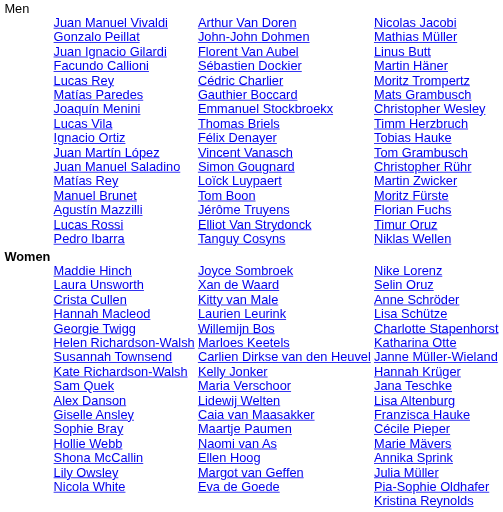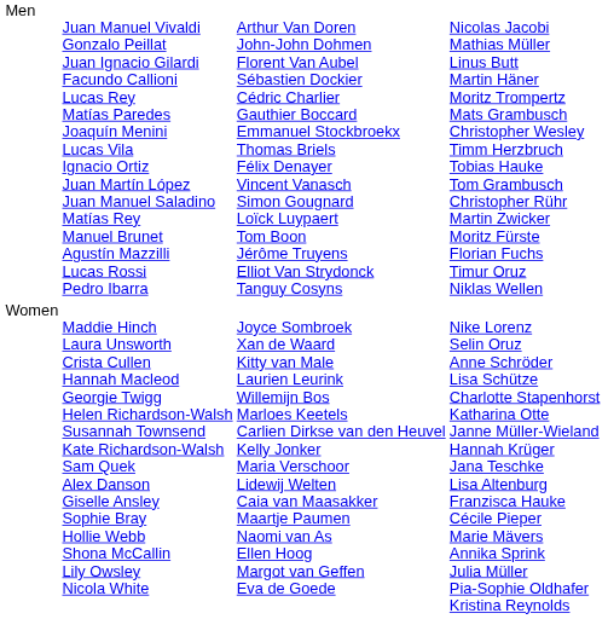 <table>
 <tr valign="top">
 <td>Men<br></td>
 <td><br><a href='#'>Juan Manuel Vivaldi</a><br><a href='#'>Gonzalo Peillat</a><br><a href='#'>Juan Ignacio Gilardi</a><br><a href='#'>Facundo Callioni</a><br><a href='#'>Lucas Rey</a><br><a href='#'>Matías Paredes</a><br><a href='#'>Joaquín Menini</a><br><a href='#'>Lucas Vila</a><br><a href='#'>Ignacio Ortiz</a><br><a href='#'>Juan Martín López</a><br><a href='#'>Juan Manuel Saladino</a><br><a href='#'>Matías Rey</a><br><a href='#'>Manuel Brunet</a><br><a href='#'>Agustín Mazzilli</a><br><a href='#'>Lucas Rossi</a><br><a href='#'>Pedro Ibarra</a></td>
 <td><br><a href='#'>Arthur Van Doren</a><br><a href='#'>John-John Dohmen</a><br><a href='#'>Florent Van Aubel</a><br><a href='#'>Sébastien Dockier</a><br><a href='#'>Cédric Charlier</a><br><a href='#'>Gauthier Boccard</a><br><a href='#'>Emmanuel Stockbroekx</a><br><a href='#'>Thomas Briels</a><br><a href='#'>Félix Denayer</a><br><a href='#'>Vincent Vanasch</a><br><a href='#'>Simon Gougnard</a><br><a href='#'>Loïck Luypaert</a><br><a href='#'>Tom Boon</a><br><a href='#'>Jérôme Truyens</a><br><a href='#'>Elliot Van Strydonck</a><br><a href='#'>Tanguy Cosyns</a></td>
 <td><br><a href='#'>Nicolas Jacobi</a><br><a href='#'>Mathias Müller</a><br><a href='#'>Linus Butt</a><br><a href='#'>Martin Häner</a><br><a href='#'>Moritz Trompertz</a><br><a href='#'>Mats Grambusch</a><br><a href='#'>Christopher Wesley</a><br><a href='#'>Timm Herzbruch</a><br><a href='#'>Tobias Hauke</a><br><a href='#'>Tom Grambusch</a><br><a href='#'>Christopher Rühr</a><br><a href='#'>Martin Zwicker</a><br><a href='#'>Moritz Fürste</a><br><a href='#'>Florian Fuchs</a><br><a href='#'>Timur Oruz</a><br><a href='#'>Niklas Wellen</a></td>
 </tr>
 <tr valign="top">
-<td><strong>Women<br></strong></td>
+<td>Women<br></td>
 <td><br><a href='#'>Maddie Hinch</a><br><a href='#'>Laura Unsworth</a><br><a href='#'>Crista Cullen</a><br><a href='#'>Hannah Macleod</a><br><a href='#'>Georgie Twigg</a><br><a href='#'>Helen Richardson-Walsh</a><br><a href='#'>Susannah Townsend</a><br><a href='#'>Kate Richardson-Walsh</a><br><a href='#'>Sam Quek</a><br><a href='#'>Alex Danson</a><br><a href='#'>Giselle Ansley</a><br><a href='#'>Sophie Bray</a><br><a href='#'>Hollie Webb</a><br><a href='#'>Shona McCallin</a><br><a href='#'>Lily Owsley</a><br><a href='#'>Nicola White</a></td>
 <td><br><a href='#'>Joyce Sombroek</a><br><a href='#'>Xan de Waard</a><br><a href='#'>Kitty van Male</a><br><a href='#'>Laurien Leurink</a><br><a href='#'>Willemijn Bos</a><br><a href='#'>Marloes Keetels</a><br><a href='#'>Carlien Dirkse van den Heuvel</a><br><a href='#'>Kelly Jonker</a><br><a href='#'>Maria Verschoor</a><br><a href='#'>Lidewij Welten</a><br><a href='#'>Caia van Maasakker</a><br><a href='#'>Maartje Paumen</a><br><a href='#'>Naomi van As</a><br><a href='#'>Ellen Hoog</a><br><a href='#'>Margot van Geffen</a><br><a href='#'>Eva de Goede</a></td>
 <td><br><a href='#'>Nike Lorenz</a><br><a href='#'>Selin Oruz</a><br><a href='#'>Anne Schröder</a><br><a href='#'>Lisa Schütze</a><br><a href='#'>Charlotte Stapenhorst</a><br><a href='#'>Katharina Otte</a><br><a href='#'>Janne Müller-Wieland</a><br><a href='#'>Hannah Krüger</a><br><a href='#'>Jana Teschke</a><br><a href='#'>Lisa Altenburg</a><br><a href='#'>Franzisca Hauke</a><br><a href='#'>Cécile Pieper</a><br><a href='#'>Marie Mävers</a><br><a href='#'>Annika Sprink</a><br><a href='#'>Julia Müller</a><br><a href='#'>Pia-Sophie Oldhafer</a><br><a href='#'>Kristina Reynolds</a></td>
 </tr>
 </table>
